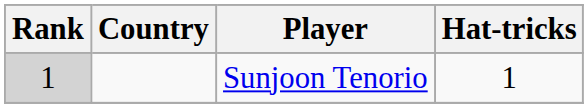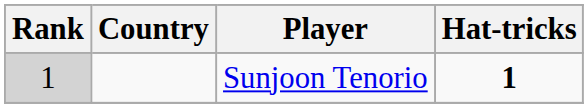 <table class="wikitable" style="text-align:center;">
 <tr>
 <th>Rank</th>
 <th>Country</th>
 <th>Player</th>
 <th>Hat-tricks</th>
 </tr>
 <tr>
 <td style="background: lightgrey;">1</td>
 <td></td>
 <td><a href='#'>Sunjoon Tenorio</a></td>
-<td>1</td>
+<td><strong>1</strong></td>
 </tr>
 <tr>
 </tr>
 </table>
